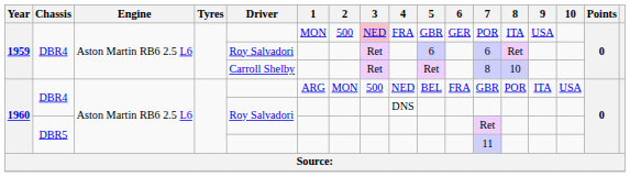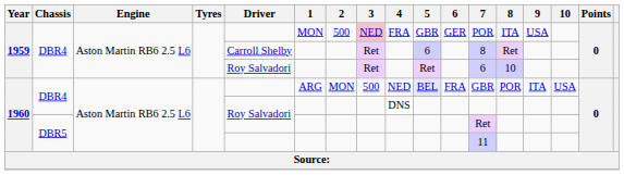 <table class="wikitable" style="text-align:center; font-size:85%;">
 <tr>
 <th>Year</th>
 <th>Chassis</th>
 <th>Engine</th>
 <th>Tyres</th>
 <th>Driver</th>
 <th>1</th>
 <th>2</th>
 <th>3</th>
 <th>4</th>
 <th>5</th>
 <th>6</th>
 <th>7</th>
 <th>8</th>
 <th>9</th>
 <th>10</th>
 <th>Points</th>
 <th></th>
 </tr>
 <tr>
 <th rowspan="3"><a href='#'>1959</a></th>
 <td rowspan="3"><a href='#'>DBR4</a></td>
 <td rowspan="3">Aston Martin RB6 2.5 <a href='#'>L6</a></td>
 <td rowspan="3"></td>
 <td></td>
 <td><a href='#'>MON</a></td>
 <td><a href='#'>500</a></td>
 <td style="background: pink;"><a href='#'>NED</a></td>
 <td><a href='#'>FRA</a></td>
 <td><a href='#'>GBR</a></td>
 <td><a href='#'>GER</a></td>
 <td><a href='#'>POR</a></td>
 <td><a href='#'>ITA</a></td>
 <td><a href='#'>USA</a></td>
 <td></td>
 <th rowspan="3">0</th>
 <th rowspan="3"></th>
 </tr>
 <tr>
-<td align="left"> <a href='#'>Roy Salvadori</a></td>
+<td align="left"> <a href='#'>Carroll Shelby</a></td>
 <td></td>
 <td></td>
 <td style="background:#efcfff;">Ret</td>
 <td></td>
 <td style="background:#cfcfff;">6</td>
 <td></td>
-<td style="background:#cfcfff;">6</td>
+<td style="background:#cfcfff;">8</td>
 <td style="background:#efcfff;">Ret</td>
 <td></td>
 <td></td>
 </tr>
 <tr>
-<td align="left"> <a href='#'>Carroll Shelby</a></td>
+<td align="left"> <a href='#'>Roy Salvadori</a></td>
 <td></td>
 <td></td>
 <td style="background:#efcfff;">Ret</td>
 <td></td>
 <td style="background:#efcfff;">Ret</td>
 <td></td>
-<td style="background:#cfcfff;">8</td>
+<td style="background:#cfcfff;">6</td>
 <td style="background:#cfcfff;">10</td>
 <td></td>
 <td></td>
 </tr>
 <tr>
 <th rowspan="4"><a href='#'>1960</a></th>
 <td rowspan="2"><a href='#'>DBR4</a></td>
 <td rowspan="4">Aston Martin RB6 2.5 <a href='#'>L6</a></td>
 <td rowspan="4"></td>
 <td></td>
 <td><a href='#'>ARG</a></td>
 <td><a href='#'>MON</a></td>
 <td><a href='#'>500</a></td>
 <td><a href='#'>NED</a></td>
-<td><a href='#'>BEL</a></td>
+<td style="background: lavender;"><a href='#'>BEL</a></td>
 <td><a href='#'>FRA</a></td>
 <td><a href='#'>GBR</a></td>
 <td><a href='#'>POR</a></td>
 <td><a href='#'>ITA</a></td>
 <td><a href='#'>USA</a></td>
 <th rowspan="4">0</th>
 <th rowspan="4"></th>
 </tr>
 <tr>
 <td rowspan=2 align="left"> <a href='#'>Roy Salvadori</a></td>
 <td></td>
 <td></td>
 <td></td>
 <td style="background:#FFFFFF;">DNS</td>
 <td></td>
 <td></td>
 <td></td>
 <td></td>
 <td></td>
 <td></td>
 </tr>
 <tr>
 <td rowspan=2><a href='#'>DBR5</a></td>
 <td></td>
 <td></td>
 <td></td>
 <td></td>
 <td></td>
 <td></td>
 <td style="background:#efcfff;">Ret</td>
 <td></td>
 <td></td>
 <td></td>
 </tr>
 <tr>
 <td align="left"></td>
 <td></td>
 <td></td>
 <td></td>
 <td></td>
 <td></td>
 <td></td>
 <td style="background:#cfcfff;">11</td>
 <td></td>
 <td></td>
 <td></td>
 </tr>
 <tr>
 <th colspan="17">Source:</th>
 </tr>
 <tr>
 </tr>
 </table>
